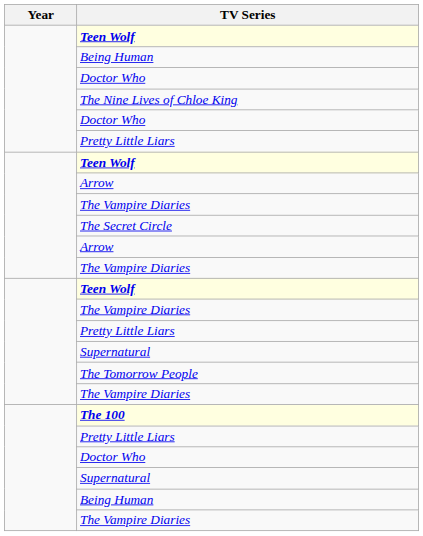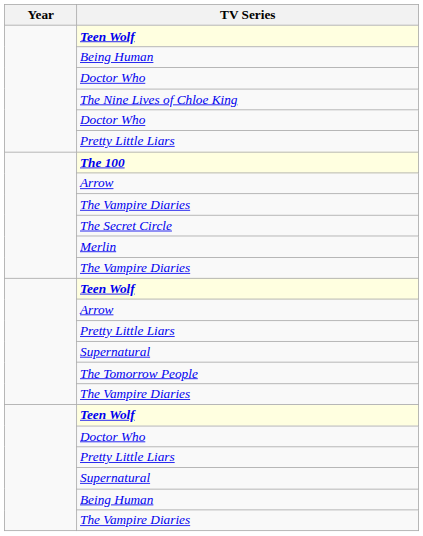 <table class="wikitable" width="500px" border="1" cellpadding="5" cellspacing="0" align="center">
 <tr>
 <th width="80px">Year</th>
 <th>TV Series</th>
 </tr>
 <tr>
 <td rowspan=6></td>
 <td style="background:lightyellow"><strong><em><a href='#'>Teen Wolf</a></em></strong></td>
 </tr>
 <tr>
 <td><em><a href='#'>Being Human</a></em></td>
 </tr>
 <tr>
 <td><em><a href='#'>Doctor Who</a></em></td>
 </tr>
 <tr>
 <td><em><a href='#'>The Nine Lives of Chloe King</a></em></td>
 </tr>
 <tr>
 <td><em><a href='#'>Doctor Who</a></em></td>
 </tr>
 <tr>
 <td><em><a href='#'>Pretty Little Liars</a></em></td>
 </tr>
 <tr>
 <td rowspan=6></td>
-<td style="background:lightyellow"><strong><em><a href='#'>Teen Wolf</a></em></strong></td>
+<td style="background:lightyellow"><strong><em><a href='#'>The 100</a></em></strong></td>
 </tr>
 <tr>
 <td><em><a href='#'>Arrow</a></em></td>
 </tr>
 <tr>
 <td><em><a href='#'>The Vampire Diaries</a></em></td>
 </tr>
 <tr>
 <td><em><a href='#'>The Secret Circle</a></em></td>
 </tr>
 <tr>
-<td><em><a href='#'>Arrow</a></em></td>
+<td><em><a href='#'>Merlin</a></em></td>
 </tr>
 <tr>
 <td><em><a href='#'>The Vampire Diaries</a></em></td>
 </tr>
 <tr>
 <td rowspan=6></td>
 <td style="background:lightyellow"><strong><em><a href='#'>Teen Wolf</a></em></strong></td>
 </tr>
 <tr>
-<td><em><a href='#'>The Vampire Diaries</a></em></td>
+<td><em><a href='#'>Arrow</a></em></td>
 </tr>
 <tr>
 <td><em><a href='#'>Pretty Little Liars</a></em></td>
 </tr>
 <tr>
 <td><em><a href='#'>Supernatural</a></em></td>
 </tr>
 <tr>
 <td><em><a href='#'>The Tomorrow People</a></em></td>
 </tr>
 <tr>
 <td><em><a href='#'>The Vampire Diaries</a></em></td>
 </tr>
 <tr>
 <td rowspan=6></td>
-<td style="background:lightyellow"><strong><em><a href='#'>The 100</a></em></strong></td>
+<td style="background:lightyellow"><strong><em><a href='#'>Teen Wolf</a></em></strong></td>
+</tr>
+<tr>
+<td><em><a href='#'>Doctor Who</a></em></td>
 </tr>
 <tr>
 <td><em><a href='#'>Pretty Little Liars</a></em></td>
-</tr>
-<tr>
-<td><em><a href='#'>Doctor Who</a></em></td>
 </tr>
 <tr>
 <td><em><a href='#'>Supernatural</a></em></td>
 </tr>
 <tr>
 <td><em><a href='#'>Being Human</a></em></td>
 </tr>
 <tr>
 <td><em><a href='#'>The Vampire Diaries</a></em></td>
 </tr>
 </table>
